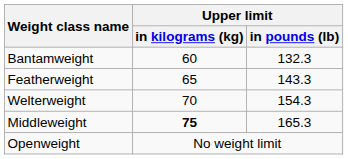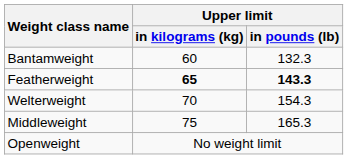 <table class="wikitable" style="font-size:95%;">
 <tr>
 <th rowspan="2">Weight class name</th>
 <th colspan="2">Upper limit</th>
 </tr>
 <tr>
 <th>in <a href='#'>kilograms</a> (kg)</th>
 <th>in <a href='#'>pounds</a> (lb)</th>
 </tr>
 <tr align="center">
 <td align="left">Bantamweight</td>
 <td>60</td>
 <td>132.3</td>
 </tr>
 <tr align="center">
 <td align="left">Featherweight</td>
-<td>65</td>
-<td>143.3</td>
+<td><strong>65</strong></td>
+<td><strong>143.3</strong></td>
 </tr>
 <tr align="center">
 <td align="left">Welterweight</td>
 <td>70</td>
 <td>154.3</td>
 </tr>
 <tr align="center">
 <td align="left">Middleweight</td>
-<td><strong>75</strong></td>
+<td>75</td>
 <td>165.3</td>
 </tr>
 <tr align="center">
 <td align="left">Openweight</td>
 <td align="center" colspan=2>No weight limit</td>
 </tr>
 </table>
